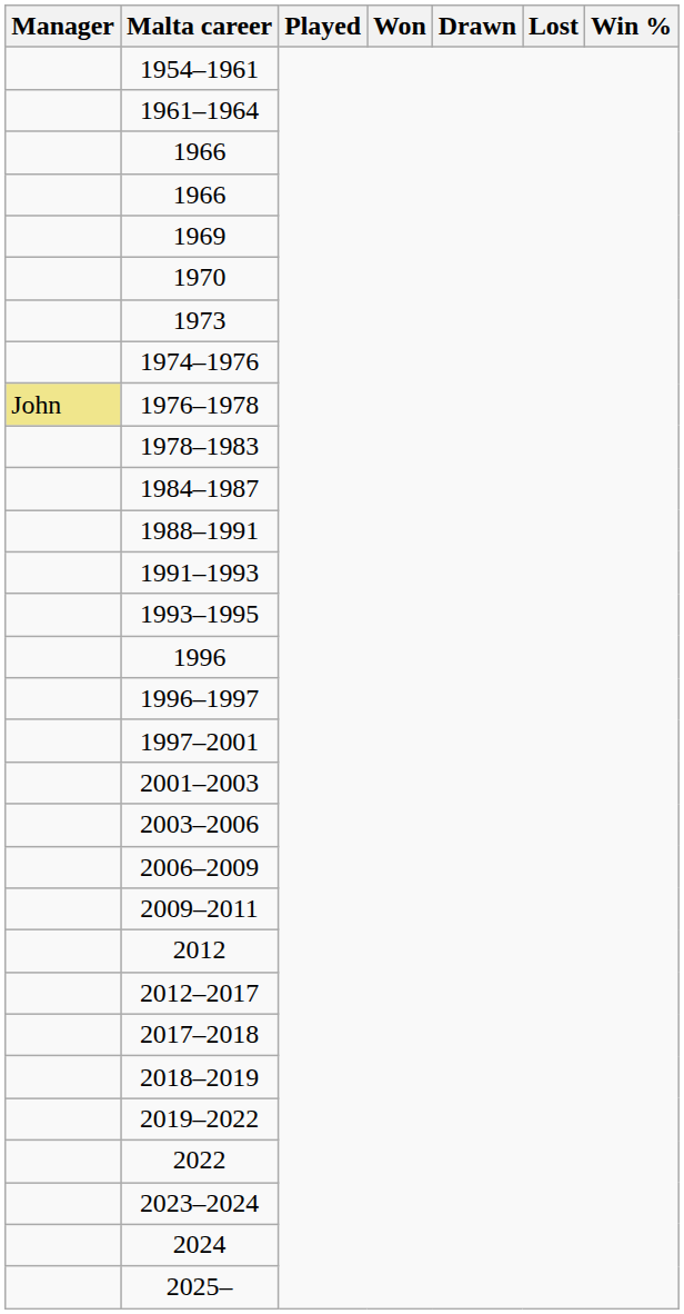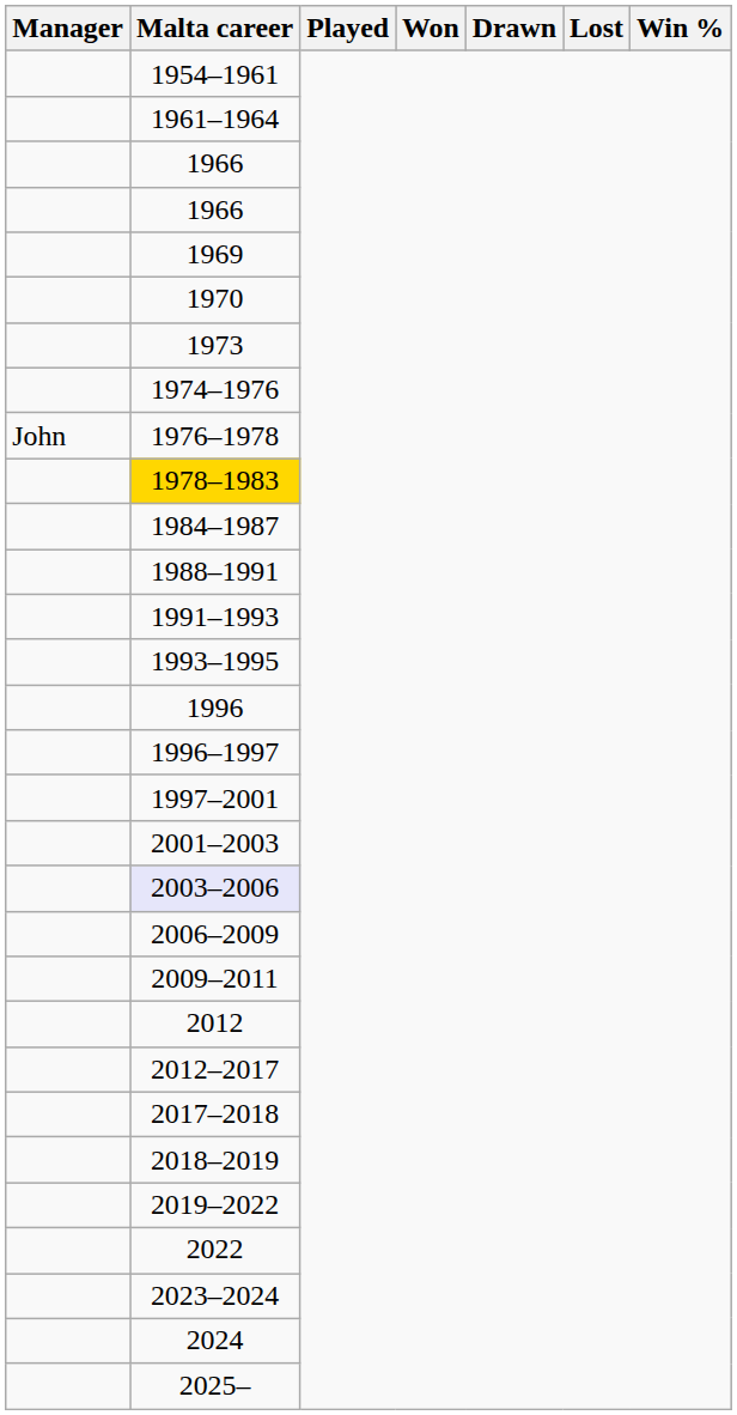 <table class="wikitable sortable" style="text-align: center;">
 <tr>
 <th>Manager</th>
 <th>Malta career</th>
 <th>Played</th>
 <th>Won</th>
 <th>Drawn</th>
 <th>Lost</th>
 <th>Win %</th>
 </tr>
 <tr>
 <td align="left"> </td>
 <td>1954–1961<br></td>
 </tr>
 <tr>
 <td align="left"> </td>
 <td>1961–1964<br></td>
 </tr>
 <tr>
 <td align="left"> </td>
 <td>1966<br></td>
 </tr>
 <tr>
 <td align="left"> </td>
 <td>1966<br></td>
 </tr>
 <tr>
 <td align="left"> </td>
 <td>1969<br></td>
 </tr>
 <tr>
 <td align="left"> </td>
 <td>1970<br></td>
 </tr>
 <tr>
 <td align="left"> </td>
 <td>1973<br></td>
 </tr>
 <tr>
 <td align="left"> </td>
 <td>1974–1976<br></td>
 </tr>
 <tr>
-<td align="left" style="background: khaki;"> John</td>
+<td align="left"> John</td>
 <td>1976–1978<br></td>
 </tr>
 <tr>
 <td align="left"> </td>
-<td>1978–1983<br></td>
+<td style="background: gold;">1978–1983<br></td>
 </tr>
 <tr>
 <td align="left"> </td>
 <td>1984–1987<br></td>
 </tr>
 <tr>
 <td align="left"> </td>
 <td>1988–1991<br></td>
 </tr>
 <tr>
 <td align="left"> </td>
 <td>1991–1993<br></td>
 </tr>
 <tr>
 <td align="left"> </td>
 <td>1993–1995<br></td>
 </tr>
 <tr>
 <td align="left"> </td>
 <td>1996<br></td>
 </tr>
 <tr>
 <td align="left"> </td>
 <td>1996–1997<br></td>
 </tr>
 <tr>
 <td align="left"> </td>
 <td>1997–2001<br></td>
 </tr>
 <tr>
 <td align="left"> </td>
 <td>2001–2003<br></td>
 </tr>
 <tr>
 <td align="left"> </td>
-<td>2003–2006<br></td>
+<td style="background: lavender;">2003–2006<br></td>
 </tr>
 <tr>
 <td align="left"> </td>
 <td>2006–2009<br></td>
 </tr>
 <tr>
 <td align="left"> </td>
 <td>2009–2011<br></td>
 </tr>
 <tr>
 <td align="left"> </td>
 <td>2012<br></td>
 </tr>
 <tr>
 <td align="left"> </td>
 <td>2012–2017<br></td>
 </tr>
 <tr>
 <td align="left"> </td>
 <td>2017–2018<br></td>
 </tr>
 <tr>
 <td align="left"> </td>
 <td>2018–2019<br></td>
 </tr>
 <tr>
 <td align="left"> </td>
 <td>2019–2022<br></td>
 </tr>
 <tr>
 <td align="left"> </td>
 <td>2022<br></td>
 </tr>
 <tr>
 <td align="left"> </td>
 <td>2023–2024<br></td>
 </tr>
 <tr>
 <td align="left"> </td>
 <td>2024<br></td>
 </tr>
 <tr>
 <td align="left"> </td>
 <td>2025–<br></td>
 </tr>
 </table>
